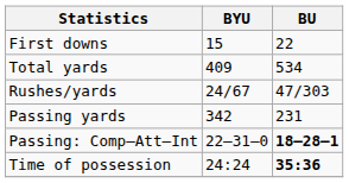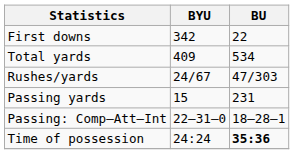 <table class="wikitable" style="float: left;">
 <tr>
 <th>Statistics</th>
 <th>BYU</th>
 <th>BU</th>
 </tr>
 <tr>
 <td>First downs</td>
-<td>15</td>
+<td>342</td>
 <td>22</td>
 </tr>
 <tr>
 <td>Total yards</td>
 <td>409</td>
 <td>534</td>
 </tr>
 <tr>
 <td>Rushes/yards</td>
 <td>24/67</td>
 <td>47/303</td>
 </tr>
 <tr>
 <td>Passing yards</td>
-<td>342</td>
+<td>15</td>
 <td>231</td>
 </tr>
 <tr>
 <td>Passing: Comp–Att–Int</td>
 <td>22–31–0</td>
-<td><strong>18–28–1</strong></td>
+<td>18–28–1</td>
 </tr>
 <tr>
 <td>Time of possession</td>
 <td>24:24</td>
 <td><strong>35:36</strong></td>
 </tr>
 <tr>
 </tr>
 </table>
